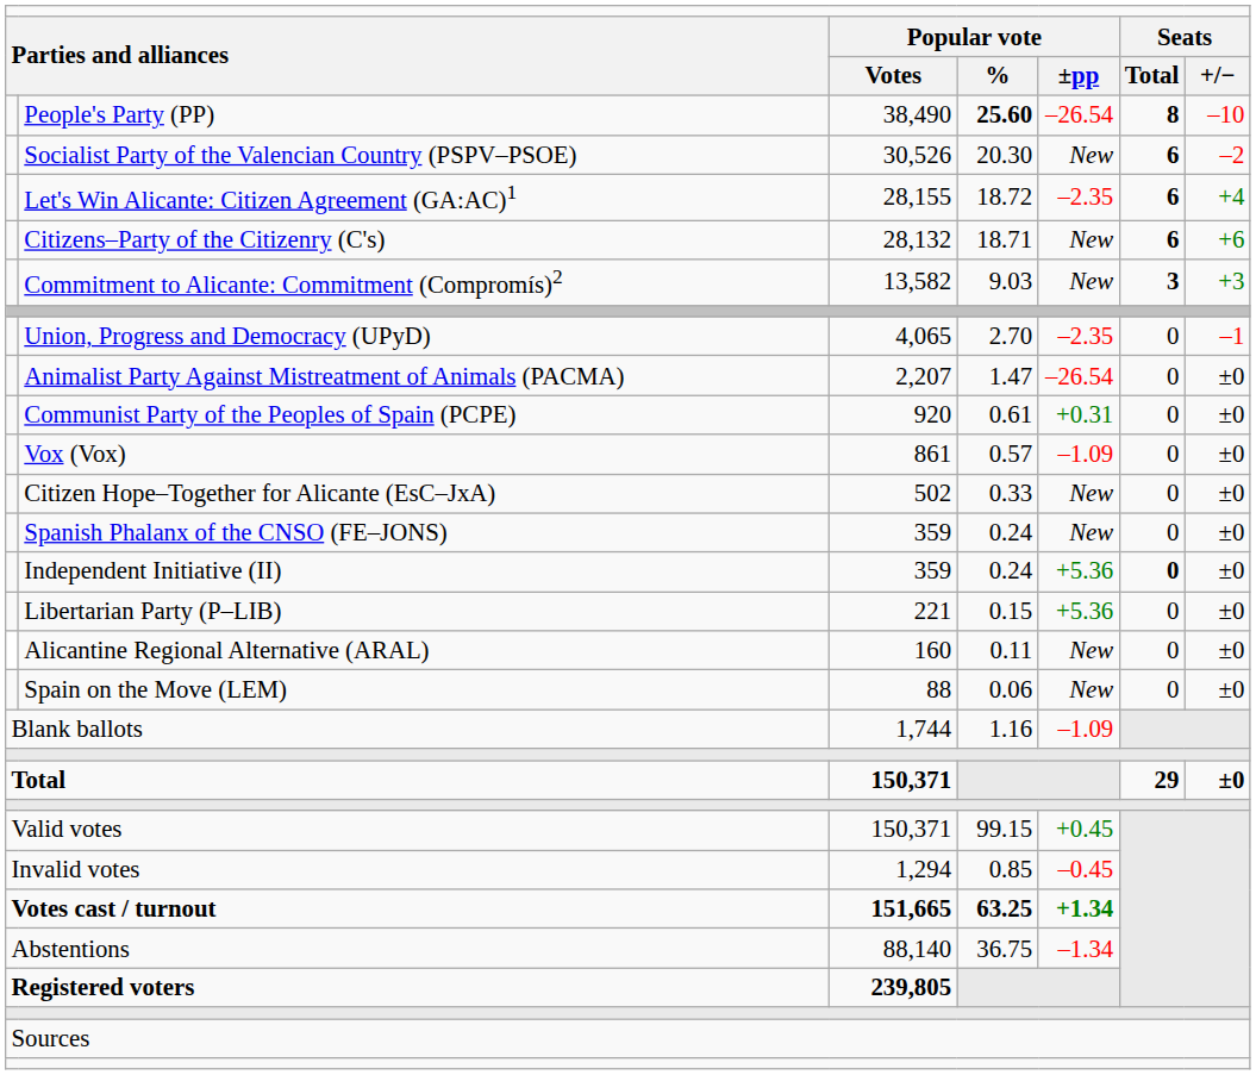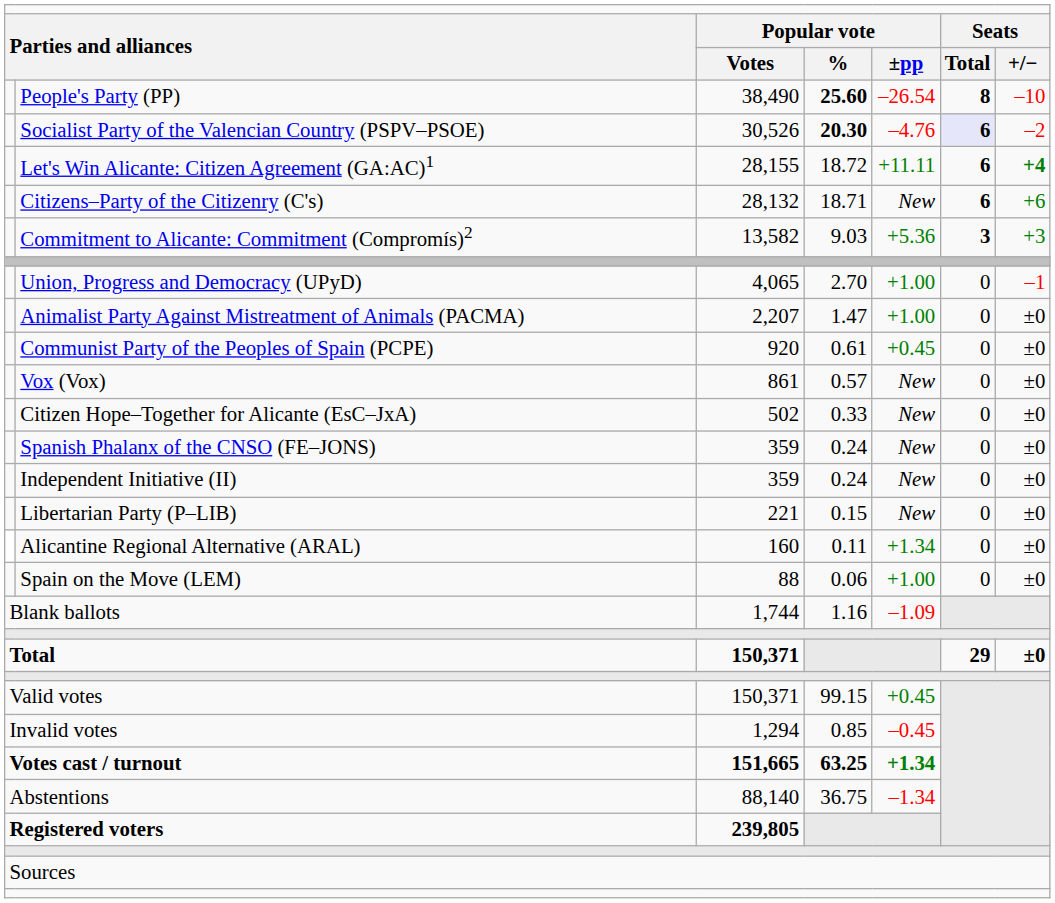 <table class="wikitable" style="text-align:right;">
 <tr>
 <td colspan="7"></td>
 </tr>
 <tr>
 <th style="text-align:left;" rowspan="2" colspan="2" width="525">Parties and alliances</th>
 <th colspan="3">Popular vote</th>
 <th colspan="2">Seats</th>
 </tr>
 <tr>
 <th width="75">Votes</th>
 <th width="45">%</th>
 <th width="45">±<a href='#'>pp</a></th>
 <th width="35">Total</th>
 <th width="35">+/−</th>
 </tr>
 <tr>
 <td width="1" style="color:inherit;background:"></td>
 <td align="left"><a href='#'>People's Party</a> (PP)</td>
 <td>38,490</td>
 <td><strong>25.60</strong></td>
 <td style="color:red;">–26.54</td>
 <td><strong>8</strong></td>
 <td style="color:red;">–10</td>
 </tr>
 <tr>
 <td style="color:inherit;background:"></td>
 <td align="left"><a href='#'>Socialist Party of the Valencian Country</a> (PSPV–PSOE)</td>
 <td>30,526</td>
-<td>20.30</td>
-<td><em>New</em></td>
-<td><strong>6</strong></td>
+<td><strong>20.30</strong></td>
+<td style="color:red;">–4.76</td>
+<td style="background: lavender;"><strong>6</strong></td>
 <td style="color:red;">–2</td>
 </tr>
 <tr>
 <td style="color:inherit;background:"></td>
 <td align="left"><a href='#'>Let's Win Alicante: Citizen Agreement</a> (GA:AC)<sup>1</sup></td>
 <td>28,155</td>
 <td>18.72</td>
-<td style="color:red;">–2.35</td>
+<td style="color:green;">+11.11</td>
 <td><strong>6</strong></td>
-<td style="color:green;">+4</td>
+<td style="color:green;"><strong>+4</strong></td>
 </tr>
 <tr>
 <td style="color:inherit;background:"></td>
 <td align="left"><a href='#'>Citizens–Party of the Citizenry</a> (C's)</td>
 <td>28,132</td>
 <td>18.71</td>
 <td><em>New</em></td>
 <td><strong>6</strong></td>
 <td style="color:green;">+6</td>
 </tr>
 <tr>
 <td style="color:inherit;background:"></td>
 <td align="left"><a href='#'>Commitment to Alicante: Commitment</a> (Compromís)<sup>2</sup></td>
 <td>13,582</td>
 <td>9.03</td>
-<td><em>New</em></td>
+<td style="color:green;">+5.36</td>
 <td><strong>3</strong></td>
 <td style="color:green;">+3</td>
 </tr>
 <tr>
 <td colspan="7" bgcolor="#C0C0C0"></td>
 </tr>
 <tr>
 <td style="color:inherit;background:"></td>
 <td align="left"><a href='#'>Union, Progress and Democracy</a> (UPyD)</td>
 <td>4,065</td>
 <td>2.70</td>
-<td style="color:red;">–2.35</td>
+<td style="color:green;">+1.00</td>
 <td>0</td>
 <td style="color:red;">–1</td>
 </tr>
 <tr>
 <td style="color:inherit;background:"></td>
 <td align="left"><a href='#'>Animalist Party Against Mistreatment of Animals</a> (PACMA)</td>
 <td>2,207</td>
 <td>1.47</td>
-<td style="color:red;">–26.54</td>
+<td style="color:green;">+1.00</td>
 <td>0</td>
 <td>±0</td>
 </tr>
 <tr>
 <td style="color:inherit;background:"></td>
 <td align="left"><a href='#'>Communist Party of the Peoples of Spain</a> (PCPE)</td>
 <td>920</td>
 <td>0.61</td>
-<td style="color:green;">+0.31</td>
+<td style="color:green;">+0.45</td>
 <td>0</td>
 <td>±0</td>
 </tr>
 <tr>
 <td style="color:inherit;background:"></td>
 <td align="left"><a href='#'>Vox</a> (Vox)</td>
 <td>861</td>
 <td>0.57</td>
-<td style="color:red;">–1.09</td>
+<td><em>New</em></td>
 <td>0</td>
 <td>±0</td>
 </tr>
 <tr>
 <td style="color:inherit;background:"></td>
 <td align="left">Citizen Hope–Together for Alicante (EsC–JxA)</td>
 <td>502</td>
 <td>0.33</td>
 <td><em>New</em></td>
 <td>0</td>
 <td>±0</td>
 </tr>
 <tr>
 <td style="color:inherit;background:"></td>
 <td align="left"><a href='#'>Spanish Phalanx of the CNSO</a> (FE–JONS)</td>
 <td>359</td>
 <td>0.24</td>
 <td><em>New</em></td>
 <td>0</td>
 <td>±0</td>
 </tr>
 <tr>
 <td style="color:inherit;background:"></td>
 <td align="left">Independent Initiative (II)</td>
 <td>359</td>
 <td>0.24</td>
-<td style="color:green;">+5.36</td>
-<td><strong>0</strong></td>
+<td><em>New</em></td>
+<td>0</td>
 <td>±0</td>
 </tr>
 <tr>
 <td style="color:inherit;background:"></td>
 <td align="left">Libertarian Party (P–LIB)</td>
 <td>221</td>
 <td>0.15</td>
-<td style="color:green;">+5.36</td>
+<td><em>New</em></td>
 <td>0</td>
 <td>±0</td>
 </tr>
 <tr>
 <td bgcolor="white"></td>
 <td align="left">Alicantine Regional Alternative (ARAL)</td>
 <td>160</td>
 <td>0.11</td>
-<td><em>New</em></td>
+<td style="color:green;">+1.34</td>
 <td>0</td>
 <td>±0</td>
 </tr>
 <tr>
 <td style="color:inherit;background:"></td>
 <td align="left">Spain on the Move (LEM)</td>
 <td>88</td>
 <td>0.06</td>
-<td><em>New</em></td>
+<td style="color:green;">+1.00</td>
 <td>0</td>
 <td>±0</td>
 </tr>
 <tr>
 <td align="left" colspan="2">Blank ballots</td>
 <td>1,744</td>
 <td>1.16</td>
 <td style="color:red;">–1.09</td>
 <td bgcolor="#E9E9E9" colspan="2"></td>
 </tr>
 <tr>
 <td colspan="7" bgcolor="#E9E9E9"></td>
 </tr>
 <tr style="font-weight:bold;">
 <td align="left" colspan="2">Total</td>
 <td>150,371</td>
 <td bgcolor="#E9E9E9" colspan="2"></td>
 <td>29</td>
 <td>±0</td>
 </tr>
 <tr>
 <td colspan="7" bgcolor="#E9E9E9"></td>
 </tr>
 <tr>
 <td align="left" colspan="2">Valid votes</td>
 <td>150,371</td>
 <td>99.15</td>
 <td style="color:green;">+0.45</td>
 <td bgcolor="#E9E9E9" colspan="2" rowspan="5"></td>
 </tr>
 <tr>
 <td align="left" colspan="2">Invalid votes</td>
 <td>1,294</td>
 <td>0.85</td>
 <td style="color:red;">–0.45</td>
 </tr>
 <tr style="font-weight:bold;">
 <td align="left" colspan="2">Votes cast / turnout</td>
 <td>151,665</td>
 <td>63.25</td>
 <td style="color:green;">+1.34</td>
 </tr>
 <tr>
 <td align="left" colspan="2">Abstentions</td>
 <td>88,140</td>
 <td>36.75</td>
 <td style="color:red;">–1.34</td>
 </tr>
 <tr style="font-weight:bold;">
 <td align="left" colspan="2">Registered voters</td>
 <td>239,805</td>
 <td bgcolor="#E9E9E9" colspan="2"></td>
 </tr>
 <tr>
 <td colspan="7" bgcolor="#E9E9E9"></td>
 </tr>
 <tr>
 <td align="left" colspan="7">Sources</td>
 </tr>
 <tr>
 <td colspan="7" style="text-align:left; max-width:790px;"></td>
 </tr>
 </table>
